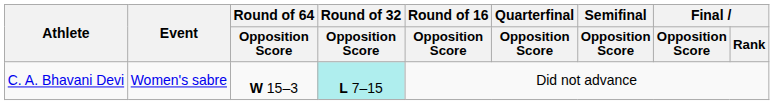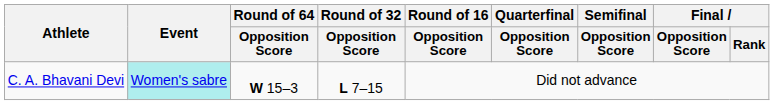 <table class="wikitable" style="font-size:90%">
 <tr>
 <th rowspan="2">Athlete</th>
 <th rowspan="2">Event</th>
 <th>Round of 64</th>
 <th>Round of 32</th>
 <th>Round of 16</th>
 <th>Quarterfinal</th>
 <th>Semifinal</th>
 <th colspan=2>Final / </th>
 </tr>
 <tr style="font-size:95%">
 <th>Opposition <br> Score</th>
 <th>Opposition <br> Score</th>
 <th>Opposition <br> Score</th>
 <th>Opposition <br> Score</th>
 <th>Opposition <br> Score</th>
 <th>Opposition <br> Score</th>
 <th>Rank</th>
 </tr>
 <tr align=center>
 <td align=left><a href='#'>C. A. Bhavani Devi</a></td>
-<td align=left><a href='#'>Women's sabre</a></td>
+<td align=left style="background: paleturquoise;"><a href='#'>Women's sabre</a></td>
 <td> <br> <strong>W</strong> 15–3</td>
-<td style="background: paleturquoise;"> <br> <strong>L</strong> 7–15</td>
+<td> <br> <strong>L</strong> 7–15</td>
 <td colspan=5>Did not advance</td>
 </tr>
 </table>
